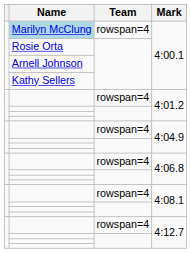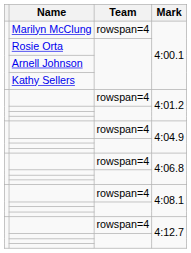 <table class=wikitable>
 <tr>
 <th></th>
 <th>Name</th>
 <th>Team</th>
 <th>Mark</th>
 </tr>
 <tr>
 <td rowspan=4></td>
-<td style="background: lightblue;"><a href='#'>Marilyn McClung</a></td>
+<td><a href='#'>Marilyn McClung</a></td>
 <td>rowspan=4 </td>
 <td rowspan=4>4:00.1</td>
 </tr>
 <tr>
 <td><a href='#'>Rosie Orta</a></td>
 </tr>
 <tr>
 <td><a href='#'>Arnell Johnson</a></td>
 </tr>
 <tr>
 <td><a href='#'>Kathy Sellers</a></td>
 </tr>
 <tr>
 <td rowspan=4></td>
 <td></td>
 <td>rowspan=4 </td>
 <td rowspan=4>4:01.2</td>
 </tr>
 <tr>
 <td></td>
 </tr>
 <tr>
 <td></td>
 </tr>
 <tr>
 <td></td>
 </tr>
 <tr>
 <td rowspan=4></td>
 <td></td>
 <td>rowspan=4 </td>
 <td rowspan=4>4:04.9</td>
 </tr>
 <tr>
 <td></td>
 </tr>
 <tr>
 <td></td>
 </tr>
 <tr>
 <td></td>
 </tr>
 <tr>
 <td rowspan=4></td>
 <td></td>
 <td>rowspan=4 </td>
 <td rowspan=4>4:06.8</td>
 </tr>
 <tr>
 <td></td>
 </tr>
 <tr>
 <td></td>
 </tr>
 <tr>
 <td></td>
 </tr>
 <tr>
 <td rowspan=4></td>
 <td></td>
 <td>rowspan=4 </td>
 <td rowspan=4>4:08.1</td>
 </tr>
 <tr>
 <td></td>
 </tr>
 <tr>
 <td></td>
 </tr>
 <tr>
 <td></td>
 </tr>
 <tr>
 <td rowspan=4></td>
 <td></td>
 <td>rowspan=4 </td>
 <td rowspan=4>4:12.7</td>
 </tr>
 <tr>
 <td></td>
 </tr>
 <tr>
 <td></td>
 </tr>
 <tr>
 <td></td>
 </tr>
 </table>
